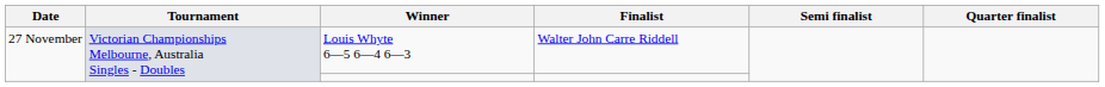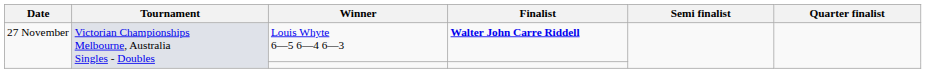 <table class="wikitable" style="font-size:85%;">
 <tr>
 <th width="75">Date</th>
 <th width="230">Tournament</th>
 <th width="210">Winner</th>
 <th width="210">Finalist</th>
 <th width="170">Semi finalist</th>
 <th width="170">Quarter finalist</th>
 </tr>
 <tr valign=top>
 <td rowspan=2>27 November</td>
 <td style="background:#dfe2e9" rowspan=2><a href='#'>Victorian Championships</a><br><a href='#'>Melbourne</a>, Australia<br><a href='#'>Singles</a> - <a href='#'>Doubles</a></td>
 <td> <a href='#'>Louis Whyte</a><br>6—5 6—4 6—3</td>
-<td> <a href='#'>Walter John Carre Riddell</a></td>
+<td><strong> <a href='#'>Walter John Carre Riddell</a></strong></td>
 <td rowspan=2></td>
 <td rowspan=2></td>
 </tr>
 <tr valign=top>
 <td></td>
 <td></td>
 </tr>
 </table>
